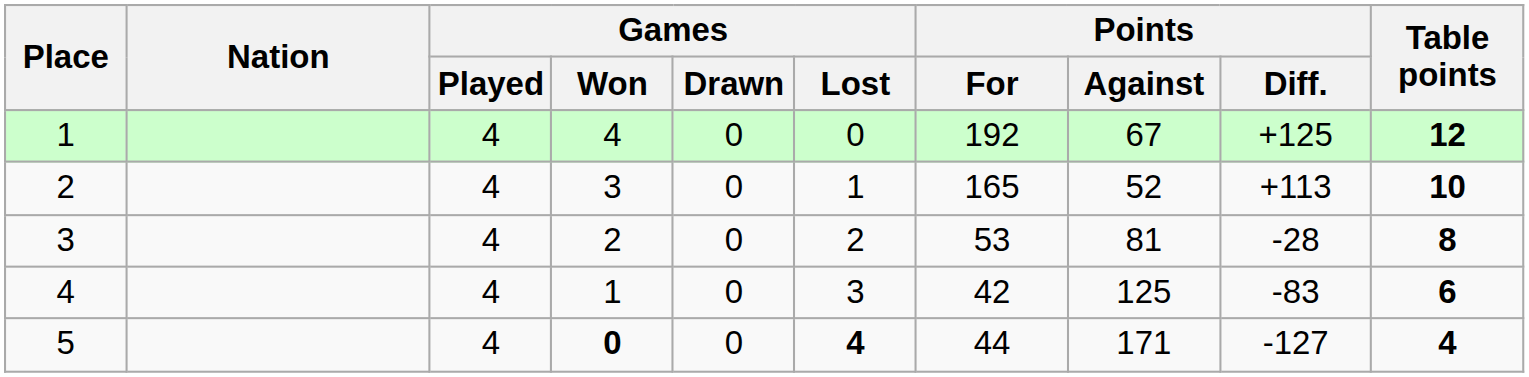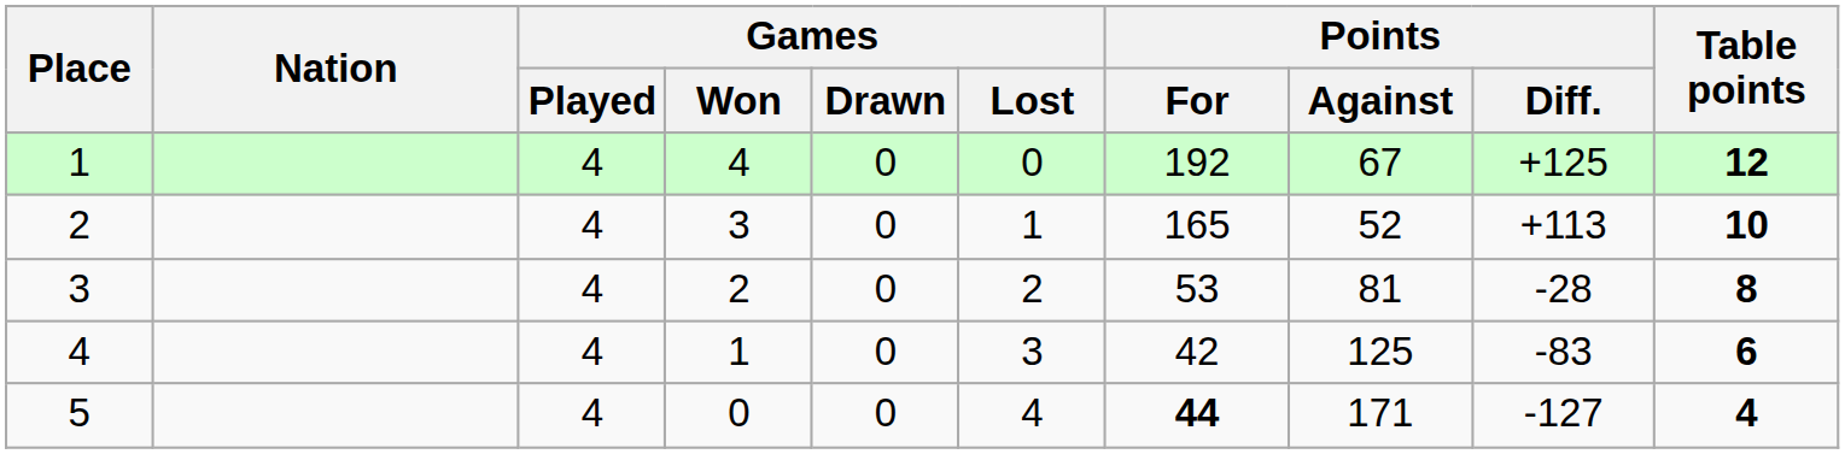 <table class="wikitable" style="text-align:center">
 <tr>
 <th rowspan="2" style="width:8%">Place</th>
 <th rowspan="2" style="width:20%">Nation</th>
 <th colspan="4" style="width:32%">Games</th>
 <th colspan="3" style="width:30%">Points</th>
 <th rowspan="2" style="width:10%">Table<br>points</th>
 </tr>
 <tr>
 <th style="width:8%">Played</th>
 <th style="width:8%">Won</th>
 <th style="width:8%">Drawn</th>
 <th style="width:8%">Lost</th>
 <th style="width:10%">For</th>
 <th style="width:10%">Against</th>
 <th style="width:10%">Diff.</th>
 </tr>
 <tr style="background:#cfc">
 <td>1</td>
 <td align=left><strong></strong></td>
 <td>4</td>
 <td>4</td>
 <td>0</td>
 <td>0</td>
 <td>192</td>
 <td>67</td>
 <td>+125</td>
 <td><strong>12</strong></td>
 </tr>
 <tr>
 <td>2</td>
 <td align=left></td>
 <td>4</td>
 <td>3</td>
 <td>0</td>
 <td>1</td>
 <td>165</td>
 <td>52</td>
 <td>+113</td>
 <td><strong>10</strong></td>
 </tr>
 <tr>
 <td>3</td>
 <td align=left></td>
 <td>4</td>
 <td>2</td>
 <td>0</td>
 <td>2</td>
 <td>53</td>
 <td>81</td>
 <td>-28</td>
 <td><strong>8</strong></td>
 </tr>
 <tr>
 <td>4</td>
 <td align=left></td>
 <td>4</td>
 <td>1</td>
 <td>0</td>
 <td>3</td>
 <td>42</td>
 <td>125</td>
 <td>-83</td>
 <td><strong>6</strong></td>
 </tr>
 <tr>
 <td>5</td>
 <td align=left><em></em></td>
 <td>4</td>
-<td><strong>0</strong></td>
 <td>0</td>
-<td><strong>4</strong></td>
-<td>44</td>
+<td>0</td>
+<td>4</td>
+<td><strong>44</strong></td>
 <td>171</td>
 <td>-127</td>
 <td><strong>4</strong></td>
 </tr>
 </table>
